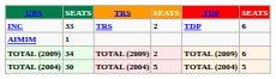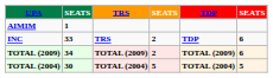 <table class="wikitable" style="font-weight: bold; font-size: x-small; font-family: verdana">
 <tr>
 <th style="background-color:#007D48; color:white"><a href='#'>UPA</a></th>
 <th style="background-color:#007D48; color:white">SEATS</th>
 <th style="background-color:#FF9900; color:white"><a href='#'>TRS</a></th>
 <th style="background-color:#FF9900; color:white">SEATS</th>
 <th style="background-color:#FF0000; color:white"><a href='#'>TDP</a></th>
 <th style="background-color:#FF0000; color:white">SEATS</th>
 </tr>
 <tr --->
+<td><a href='#'>AIMIM</a></td>
+<td>1</td>
+<td></td>
+<td></td>
+<td></td>
+<td></td>
+</tr>
+<tr --->
 <td><a href='#'>INC</a></td>
 <td>33</td>
 <td><a href='#'>TRS</a></td>
 <td>2</td>
 <td><a href='#'>TDP</a></td>
 <td>6</td>
-</tr>
-<tr --->
-<td><a href='#'>AIMIM</a></td>
-<td>1</td>
-<td></td>
-<td></td>
-<td></td>
-<td></td>
 </tr>
 <tr --->
 <td bgcolor=#E6FFE6>TOTAL (2009)</td>
 <td bgcolor=#E6FFE6>34</td>
 <td bgcolor=#FFE6E6>TOTAL (2009)</td>
 <td bgcolor=#FFE6E6>2</td>
 <td bgcolor=#FFF3E1>TOTAL (2009)</td>
 <td bgcolor=#FFF3E1>6</td>
 </tr>
 <tr --->
 <td bgcolor=#E6FFE6>TOTAL (2004)</td>
 <td bgcolor=#E6FFE6>30</td>
 <td bgcolor=#FFE6E6>TOTAL (2004)</td>
 <td bgcolor=#FFE6E6>5</td>
 <td bgcolor=#FFF3E1>TOTAL (2004)</td>
 <td bgcolor=#FFF3E1>5</td>
 </tr>
 </table>
